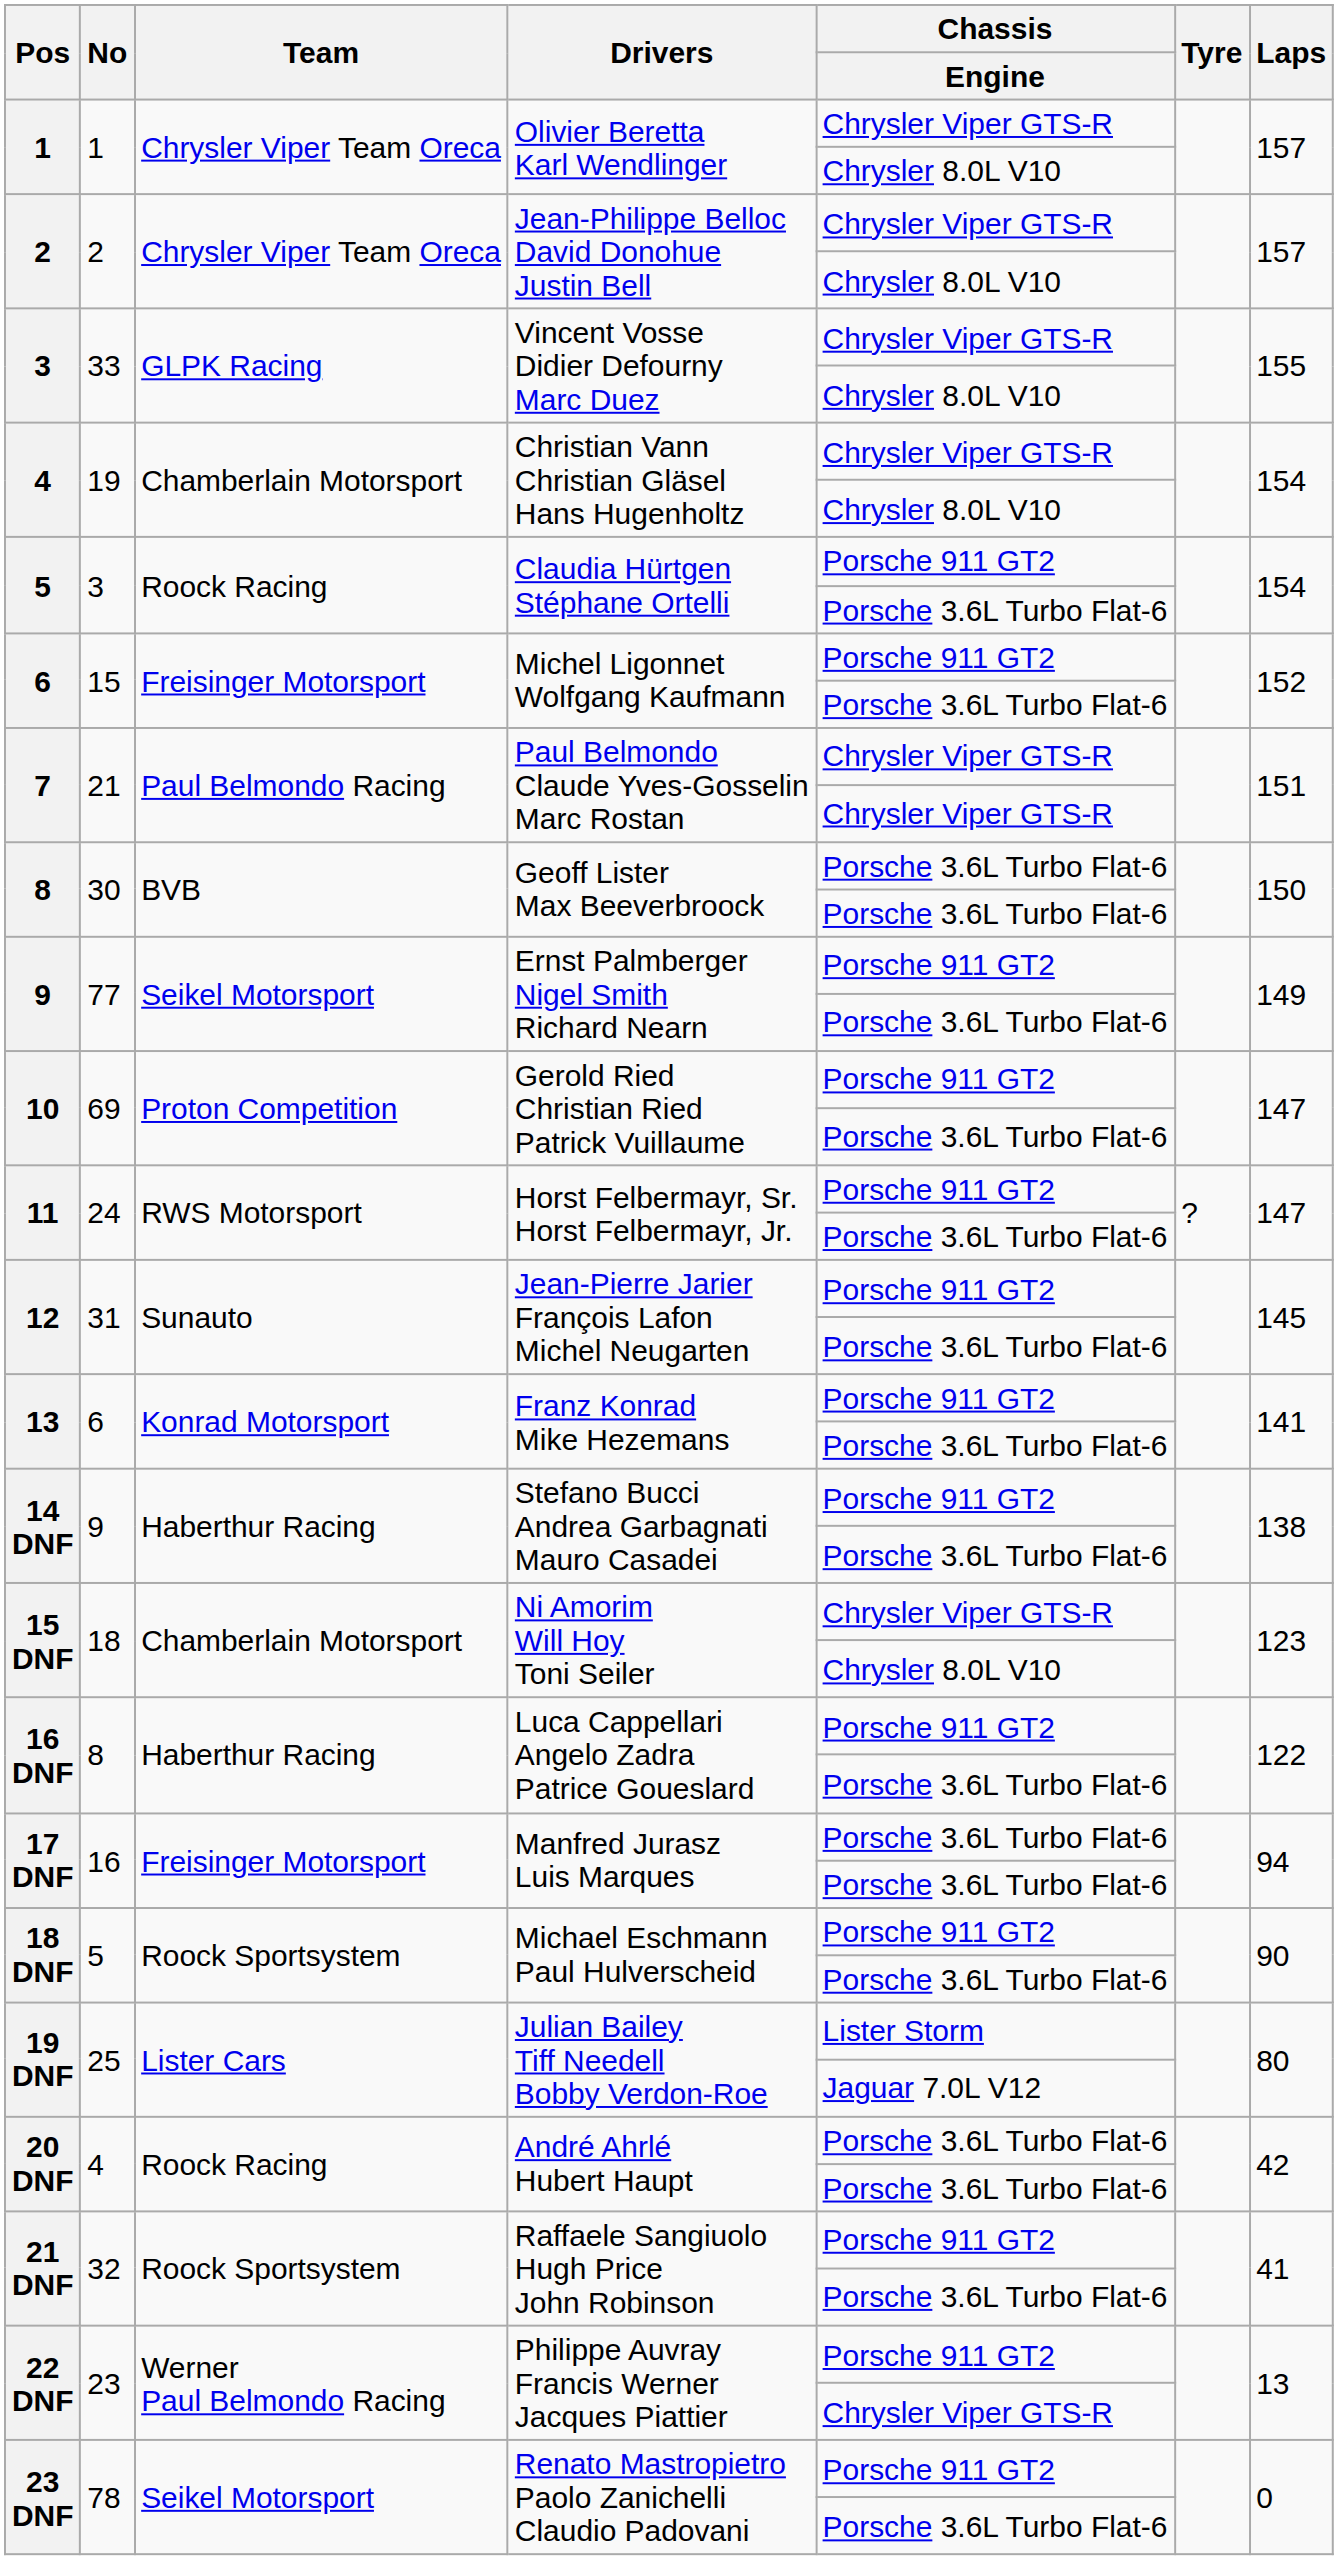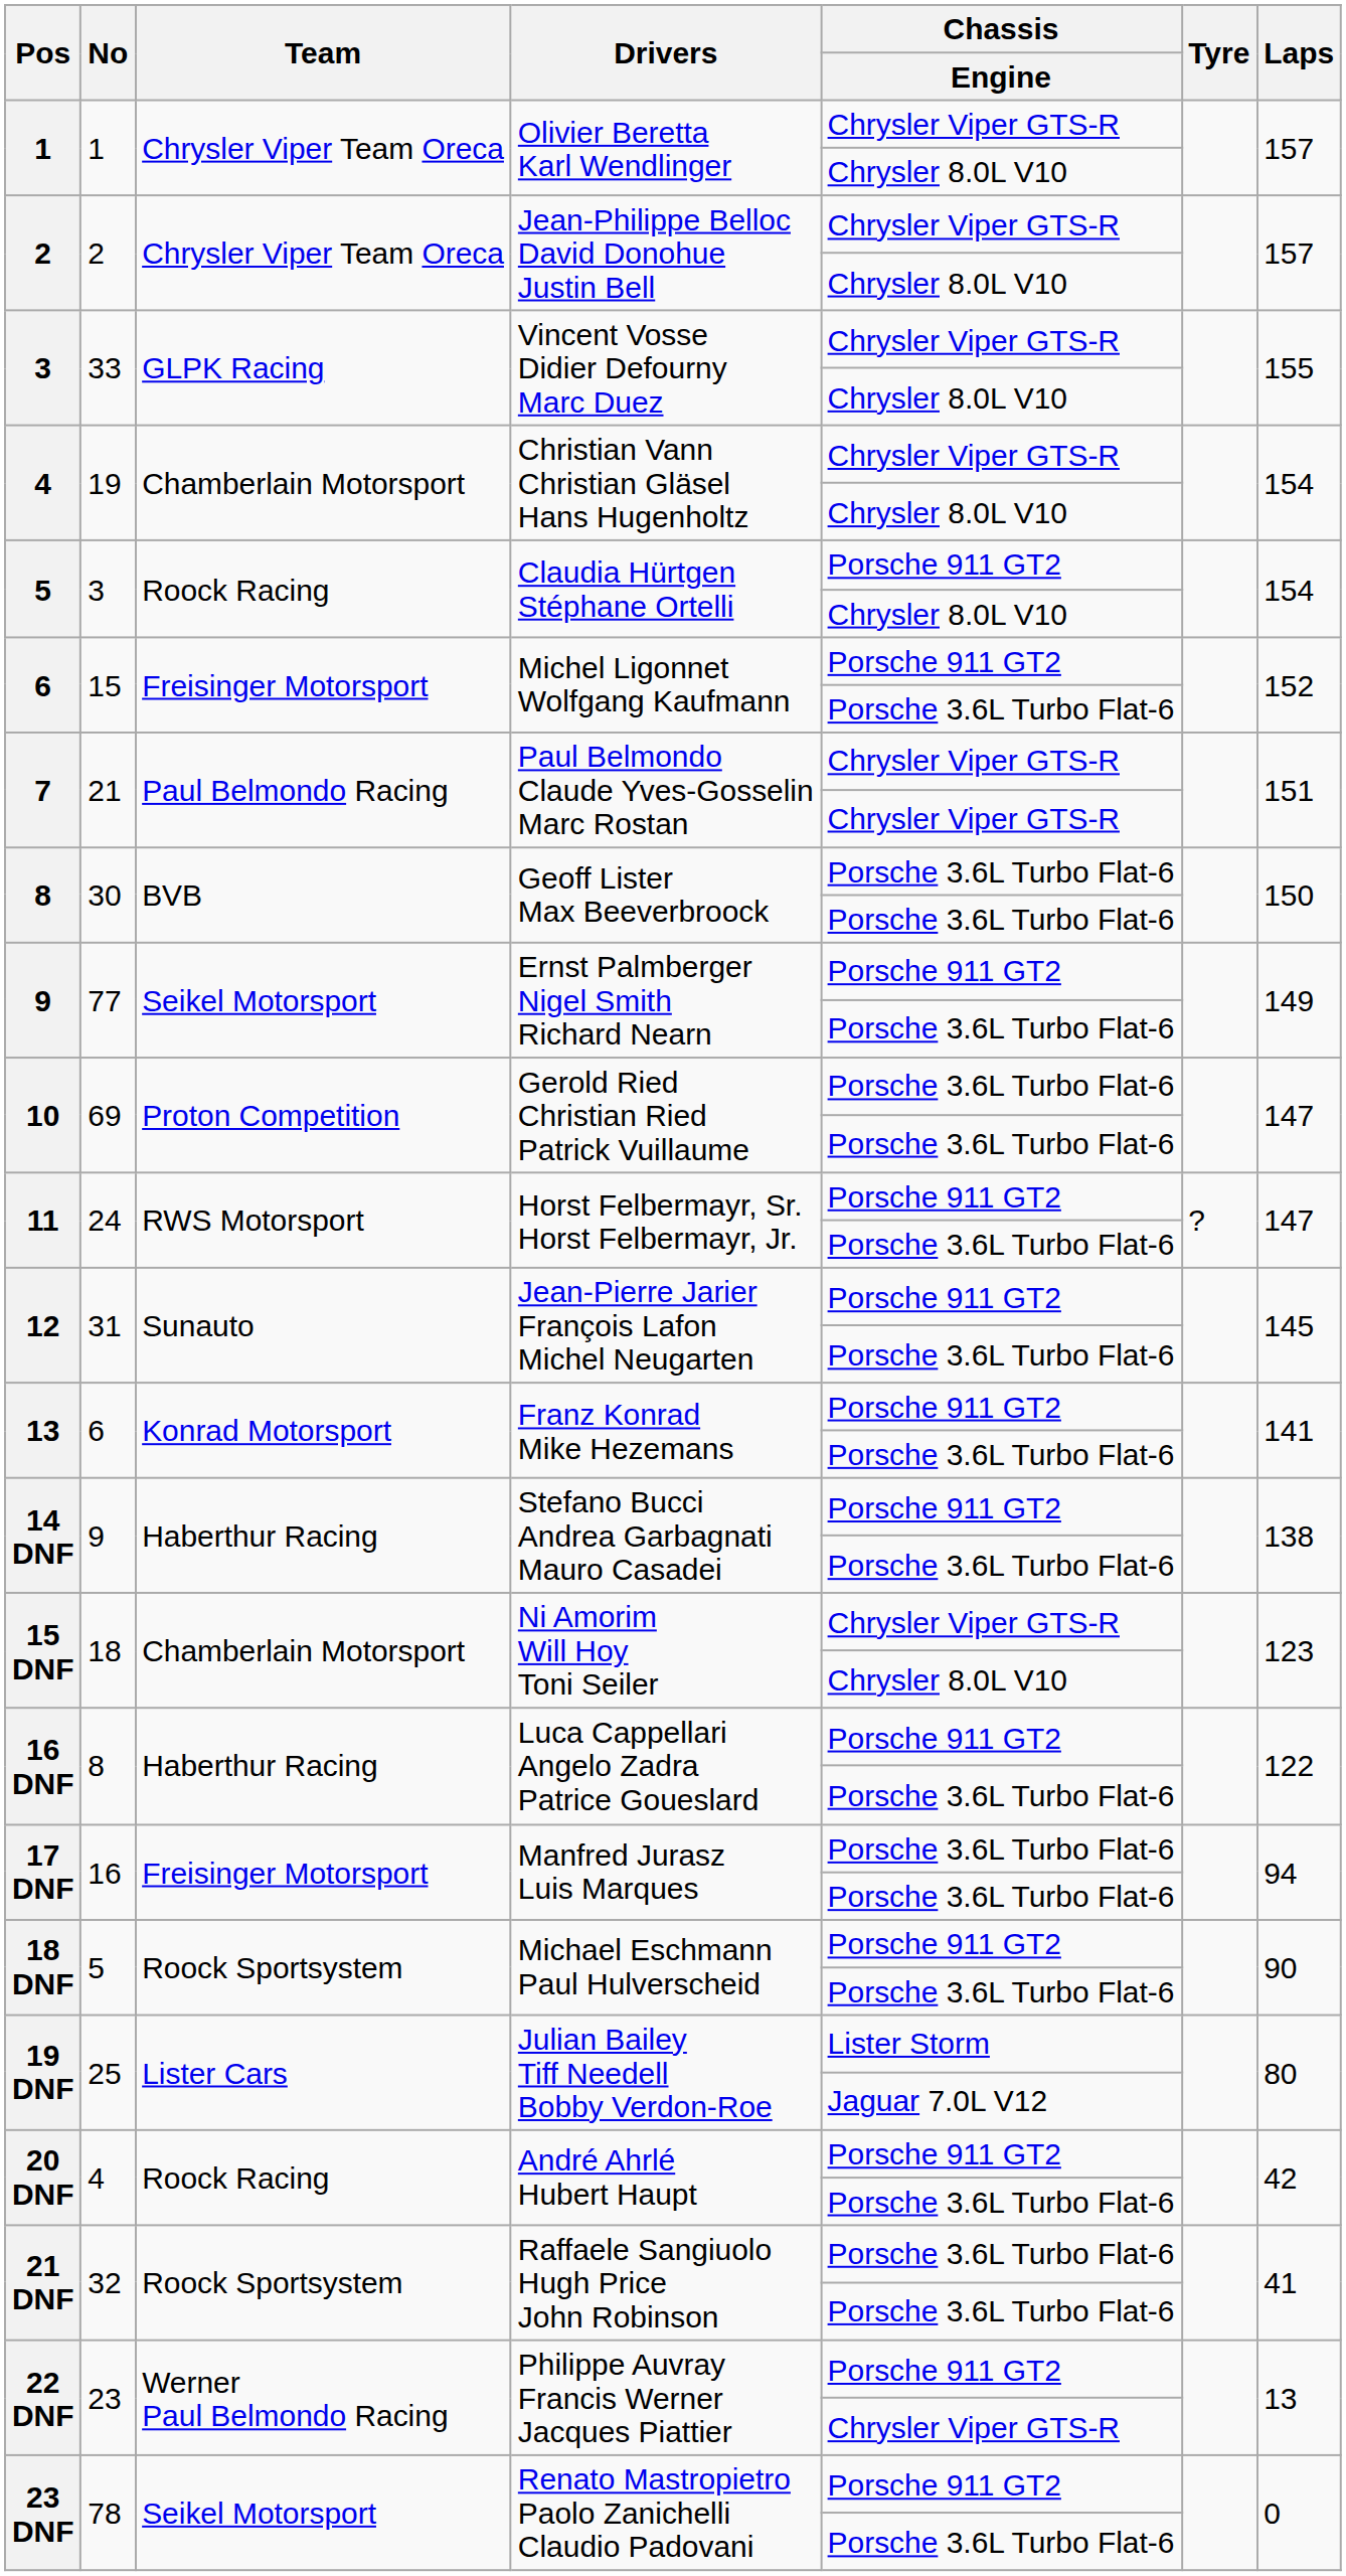 <table class="wikitable" style="font-size: 95%;">
 <tr>
 <th rowspan=2>Pos</th>
 <th rowspan=2>No</th>
 <th rowspan=2>Team</th>
 <th rowspan=2>Drivers</th>
 <th>Chassis</th>
 <th rowspan=2>Tyre</th>
 <th rowspan=2>Laps</th>
 </tr>
 <tr>
 <th>Engine</th>
 </tr>
 <tr>
 <th rowspan=2>1</th>
 <td rowspan=2>1</td>
 <td rowspan=2> <a href='#'>Chrysler Viper</a> Team <a href='#'>Oreca</a></td>
 <td rowspan=2> <a href='#'>Olivier Beretta</a><br> <a href='#'>Karl Wendlinger</a></td>
 <td><a href='#'>Chrysler Viper GTS-R</a></td>
 <td rowspan=2></td>
 <td rowspan=2>157</td>
 </tr>
 <tr>
 <td><a href='#'>Chrysler</a> 8.0L V10</td>
 </tr>
 <tr>
 <th rowspan=2>2</th>
 <td rowspan=2>2</td>
 <td rowspan=2> <a href='#'>Chrysler Viper</a> Team <a href='#'>Oreca</a></td>
 <td rowspan=2> <a href='#'>Jean-Philippe Belloc</a><br> <a href='#'>David Donohue</a><br> <a href='#'>Justin Bell</a></td>
 <td><a href='#'>Chrysler Viper GTS-R</a></td>
 <td rowspan=2></td>
 <td rowspan=2>157</td>
 </tr>
 <tr>
 <td><a href='#'>Chrysler</a> 8.0L V10</td>
 </tr>
 <tr>
 <th rowspan=2>3</th>
 <td rowspan=2>33</td>
 <td rowspan=2> <a href='#'>GLPK Racing</a></td>
 <td rowspan=2> Vincent Vosse<br> Didier Defourny<br> <a href='#'>Marc Duez</a></td>
 <td><a href='#'>Chrysler Viper GTS-R</a></td>
 <td rowspan=2></td>
 <td rowspan=2>155</td>
 </tr>
 <tr>
 <td><a href='#'>Chrysler</a> 8.0L V10</td>
 </tr>
 <tr>
 <th rowspan=2>4</th>
 <td rowspan=2>19</td>
 <td rowspan=2> Chamberlain Motorsport</td>
 <td rowspan=2> Christian Vann<br> Christian Gläsel<br> Hans Hugenholtz</td>
 <td><a href='#'>Chrysler Viper GTS-R</a></td>
 <td rowspan=2></td>
 <td rowspan=2>154</td>
 </tr>
 <tr>
 <td><a href='#'>Chrysler</a> 8.0L V10</td>
 </tr>
 <tr>
 <th rowspan=2>5</th>
 <td rowspan=2>3</td>
 <td rowspan=2> Roock Racing</td>
 <td rowspan=2> <a href='#'>Claudia Hürtgen</a><br> <a href='#'>Stéphane Ortelli</a></td>
 <td><a href='#'>Porsche 911 GT2</a></td>
 <td rowspan=2></td>
 <td rowspan=2>154</td>
 </tr>
 <tr>
-<td><a href='#'>Porsche</a> 3.6L Turbo Flat-6</td>
+<td><a href='#'>Chrysler</a> 8.0L V10</td>
 </tr>
 <tr>
 <th rowspan=2>6</th>
 <td rowspan=2>15</td>
 <td rowspan=2> <a href='#'>Freisinger Motorsport</a></td>
 <td rowspan=2> Michel Ligonnet<br> Wolfgang Kaufmann</td>
 <td><a href='#'>Porsche 911 GT2</a></td>
 <td rowspan=2></td>
 <td rowspan=2>152</td>
 </tr>
 <tr>
 <td><a href='#'>Porsche</a> 3.6L Turbo Flat-6</td>
 </tr>
 <tr>
 <th rowspan=2>7</th>
 <td rowspan=2>21</td>
 <td rowspan=2> <a href='#'>Paul Belmondo</a> Racing</td>
 <td rowspan=2> <a href='#'>Paul Belmondo</a><br> Claude Yves-Gosselin<br> Marc Rostan</td>
 <td><a href='#'>Chrysler Viper GTS-R</a></td>
 <td rowspan=2></td>
 <td rowspan=2>151</td>
 </tr>
 <tr>
 <td><a href='#'>Chrysler Viper GTS-R</a></td>
 </tr>
 <tr>
 <th rowspan=2>8</th>
 <td rowspan=2>30</td>
 <td rowspan=2> BVB</td>
 <td rowspan=2> Geoff Lister<br> Max Beeverbroock</td>
 <td><a href='#'>Porsche</a> 3.6L Turbo Flat-6</td>
 <td rowspan=2></td>
 <td rowspan=2>150</td>
 </tr>
 <tr>
 <td><a href='#'>Porsche</a> 3.6L Turbo Flat-6</td>
 </tr>
 <tr>
 <th rowspan=2>9</th>
 <td rowspan=2>77</td>
 <td rowspan=2> <a href='#'>Seikel Motorsport</a></td>
 <td rowspan=2> Ernst Palmberger<br> <a href='#'>Nigel Smith</a><br> Richard Nearn</td>
 <td><a href='#'>Porsche 911 GT2</a></td>
 <td rowspan=2></td>
 <td rowspan=2>149</td>
 </tr>
 <tr>
 <td><a href='#'>Porsche</a> 3.6L Turbo Flat-6</td>
 </tr>
 <tr>
 <th rowspan=2>10</th>
 <td rowspan=2>69</td>
 <td rowspan=2> <a href='#'>Proton Competition</a></td>
 <td rowspan=2> Gerold Ried<br> Christian Ried<br> Patrick Vuillaume</td>
-<td><a href='#'>Porsche 911 GT2</a></td>
+<td><a href='#'>Porsche</a> 3.6L Turbo Flat-6</td>
 <td rowspan=2></td>
 <td rowspan=2>147</td>
 </tr>
 <tr>
 <td><a href='#'>Porsche</a> 3.6L Turbo Flat-6</td>
 </tr>
 <tr>
 <th rowspan=2>11</th>
 <td rowspan=2>24</td>
 <td rowspan=2> RWS Motorsport</td>
 <td rowspan=2> Horst Felbermayr, Sr.<br> Horst Felbermayr, Jr.</td>
 <td><a href='#'>Porsche 911 GT2</a></td>
 <td rowspan=2>?</td>
 <td rowspan=2>147</td>
 </tr>
 <tr>
 <td><a href='#'>Porsche</a> 3.6L Turbo Flat-6</td>
 </tr>
 <tr>
 <th rowspan=2>12</th>
 <td rowspan=2>31</td>
 <td rowspan=2> Sunauto</td>
 <td rowspan=2> <a href='#'>Jean-Pierre Jarier</a><br> François Lafon<br> Michel Neugarten</td>
 <td><a href='#'>Porsche 911 GT2</a></td>
 <td rowspan=2></td>
 <td rowspan=2>145</td>
 </tr>
 <tr>
 <td><a href='#'>Porsche</a> 3.6L Turbo Flat-6</td>
 </tr>
 <tr>
 <th rowspan=2>13</th>
 <td rowspan=2>6</td>
 <td rowspan=2> <a href='#'>Konrad Motorsport</a></td>
 <td rowspan=2> <a href='#'>Franz Konrad</a><br> Mike Hezemans</td>
 <td><a href='#'>Porsche 911 GT2</a></td>
 <td rowspan=2></td>
 <td rowspan=2>141</td>
 </tr>
 <tr>
 <td><a href='#'>Porsche</a> 3.6L Turbo Flat-6</td>
 </tr>
 <tr>
 <th rowspan=2>14<br>DNF</th>
 <td rowspan=2>9</td>
 <td rowspan=2> Haberthur Racing</td>
 <td rowspan=2> Stefano Bucci<br> Andrea Garbagnati<br> Mauro Casadei</td>
 <td><a href='#'>Porsche 911 GT2</a></td>
 <td rowspan=2></td>
 <td rowspan=2>138</td>
 </tr>
 <tr>
 <td><a href='#'>Porsche</a> 3.6L Turbo Flat-6</td>
 </tr>
 <tr>
 <th rowspan=2>15<br>DNF</th>
 <td rowspan=2>18</td>
 <td rowspan=2> Chamberlain Motorsport</td>
 <td rowspan=2> <a href='#'>Ni Amorim</a><br> <a href='#'>Will Hoy</a><br> Toni Seiler</td>
 <td><a href='#'>Chrysler Viper GTS-R</a></td>
 <td rowspan=2></td>
 <td rowspan=2>123</td>
 </tr>
 <tr>
 <td><a href='#'>Chrysler</a> 8.0L V10</td>
 </tr>
 <tr>
 <th rowspan=2>16<br>DNF</th>
 <td rowspan=2>8</td>
 <td rowspan=2> Haberthur Racing</td>
 <td rowspan=2> Luca Cappellari<br> Angelo Zadra<br> Patrice Goueslard</td>
 <td><a href='#'>Porsche 911 GT2</a></td>
 <td rowspan=2></td>
 <td rowspan=2>122</td>
 </tr>
 <tr>
 <td><a href='#'>Porsche</a> 3.6L Turbo Flat-6</td>
 </tr>
 <tr>
 <th rowspan=2>17<br>DNF</th>
 <td rowspan=2>16</td>
 <td rowspan=2> <a href='#'>Freisinger Motorsport</a></td>
 <td rowspan=2> Manfred Jurasz<br> Luis Marques</td>
 <td><a href='#'>Porsche</a> 3.6L Turbo Flat-6</td>
 <td rowspan=2></td>
 <td rowspan=2>94</td>
 </tr>
 <tr>
 <td><a href='#'>Porsche</a> 3.6L Turbo Flat-6</td>
 </tr>
 <tr>
 <th rowspan=2>18<br>DNF</th>
 <td rowspan=2>5</td>
 <td rowspan=2> Roock Sportsystem</td>
 <td rowspan=2> Michael Eschmann<br> Paul Hulverscheid</td>
 <td><a href='#'>Porsche 911 GT2</a></td>
 <td rowspan=2></td>
 <td rowspan=2>90</td>
 </tr>
 <tr>
 <td><a href='#'>Porsche</a> 3.6L Turbo Flat-6</td>
 </tr>
 <tr>
 <th rowspan=2>19<br>DNF</th>
 <td rowspan=2>25</td>
 <td rowspan=2> <a href='#'>Lister Cars</a></td>
 <td rowspan=2> <a href='#'>Julian Bailey</a><br> <a href='#'>Tiff Needell</a><br> <a href='#'>Bobby Verdon-Roe</a></td>
 <td><a href='#'>Lister Storm</a></td>
 <td rowspan=2></td>
 <td rowspan=2>80</td>
 </tr>
 <tr>
 <td><a href='#'>Jaguar</a> 7.0L V12</td>
 </tr>
 <tr>
 <th rowspan=2>20<br>DNF</th>
 <td rowspan=2>4</td>
 <td rowspan=2> Roock Racing</td>
 <td rowspan=2> <a href='#'>André Ahrlé</a><br> Hubert Haupt</td>
-<td><a href='#'>Porsche</a> 3.6L Turbo Flat-6</td>
+<td><a href='#'>Porsche 911 GT2</a></td>
 <td rowspan=2></td>
 <td rowspan=2>42</td>
 </tr>
 <tr>
 <td><a href='#'>Porsche</a> 3.6L Turbo Flat-6</td>
 </tr>
 <tr>
 <th rowspan=2>21<br>DNF</th>
 <td rowspan=2>32</td>
 <td rowspan=2> Roock Sportsystem</td>
 <td rowspan=2> Raffaele Sangiuolo<br> Hugh Price<br> John Robinson</td>
-<td><a href='#'>Porsche 911 GT2</a></td>
+<td><a href='#'>Porsche</a> 3.6L Turbo Flat-6</td>
 <td rowspan=2></td>
 <td rowspan=2>41</td>
 </tr>
 <tr>
 <td><a href='#'>Porsche</a> 3.6L Turbo Flat-6</td>
 </tr>
 <tr>
 <th rowspan=2>22<br>DNF</th>
 <td rowspan=2>23</td>
 <td rowspan=2> Werner<br> <a href='#'>Paul Belmondo</a> Racing</td>
 <td rowspan=2> Philippe Auvray<br> Francis Werner<br> Jacques Piattier</td>
 <td><a href='#'>Porsche 911 GT2</a></td>
 <td rowspan=2></td>
 <td rowspan=2>13</td>
 </tr>
 <tr>
 <td><a href='#'>Chrysler Viper GTS-R</a></td>
 </tr>
 <tr>
 <th rowspan=2>23<br>DNF</th>
 <td rowspan=2>78</td>
 <td rowspan=2> <a href='#'>Seikel Motorsport</a></td>
 <td rowspan=2> <a href='#'>Renato Mastropietro</a><br> Paolo Zanichelli<br> Claudio Padovani</td>
 <td><a href='#'>Porsche 911 GT2</a></td>
 <td rowspan=2></td>
 <td rowspan=2>0</td>
 </tr>
 <tr>
 <td><a href='#'>Porsche</a> 3.6L Turbo Flat-6</td>
 </tr>
 </table>
